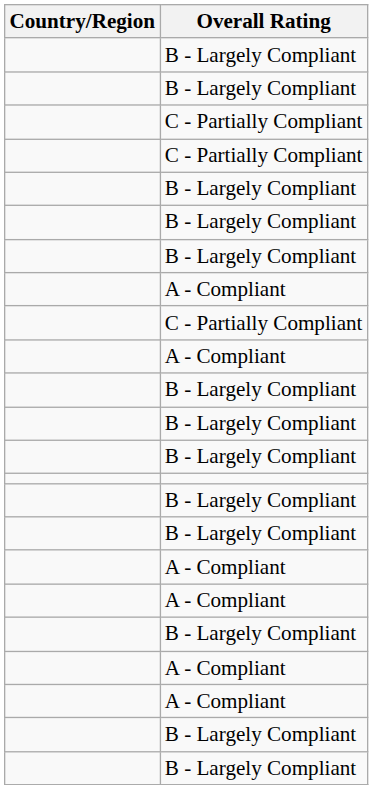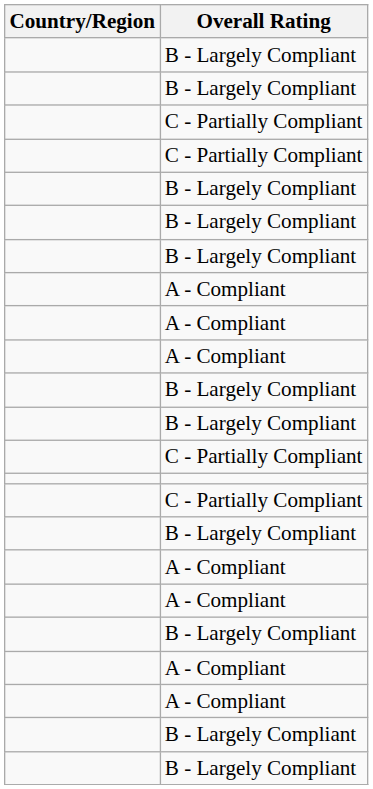 <table class="wikitable sortable">
 <tr>
 <th style="width:2em;">Country/Region</th>
 <th>Overall Rating</th>
 </tr>
 <tr>
 <td></td>
 <td>B - Largely Compliant</td>
 </tr>
 <tr>
 <td></td>
 <td>B - Largely Compliant</td>
 </tr>
 <tr>
 <td></td>
 <td>C - Partially Compliant</td>
 </tr>
 <tr>
 <td></td>
 <td>C - Partially Compliant</td>
 </tr>
 <tr>
 <td></td>
 <td>B - Largely Compliant</td>
 </tr>
 <tr>
 <td></td>
 <td>B - Largely Compliant</td>
 </tr>
 <tr>
 <td></td>
 <td>B - Largely Compliant</td>
 </tr>
 <tr>
 <td></td>
 <td>A - Compliant</td>
 </tr>
 <tr>
 <td></td>
-<td>C - Partially Compliant</td>
+<td>A - Compliant</td>
 </tr>
 <tr>
 <td></td>
 <td>A - Compliant</td>
 </tr>
 <tr>
 <td></td>
 <td>B - Largely Compliant</td>
 </tr>
 <tr>
 <td></td>
 <td>B - Largely Compliant</td>
 </tr>
 <tr>
 <td></td>
-<td>B - Largely Compliant</td>
+<td>C - Partially Compliant</td>
 </tr>
 <tr>
 <td></td>
 <td></td>
 </tr>
 <tr>
 <td></td>
-<td>B - Largely Compliant</td>
+<td>C - Partially Compliant</td>
 </tr>
 <tr>
 <td></td>
 <td>B - Largely Compliant</td>
 </tr>
 <tr>
 <td></td>
 <td>A - Compliant</td>
 </tr>
 <tr>
 <td></td>
 <td>A - Compliant</td>
 </tr>
 <tr>
 <td></td>
 <td>B - Largely Compliant</td>
 </tr>
 <tr>
 <td></td>
 <td>A - Compliant</td>
 </tr>
 <tr>
 <td></td>
 <td>A - Compliant</td>
 </tr>
 <tr>
 <td></td>
 <td>B - Largely Compliant</td>
 </tr>
 <tr>
 <td></td>
 <td>B - Largely Compliant</td>
 </tr>
 <tr>
 </tr>
 </table>
